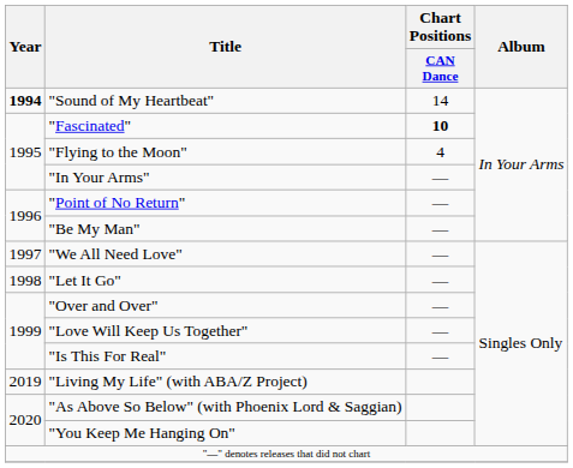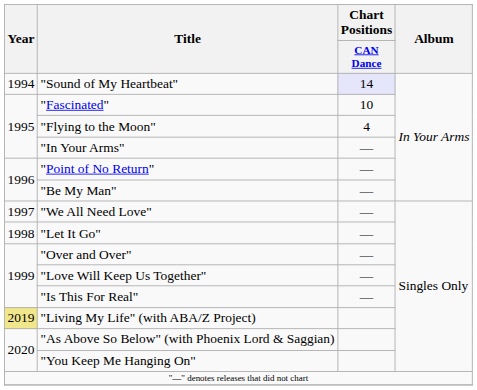 <table class="wikitable">
 <tr>
 <th rowspan=2>Year</th>
 <th rowspan=2>Title</th>
 <th colspan=1>Chart Positions</th>
 <th rowspan="2">Album</th>
 </tr>
 <tr style="font-size:smaller;">
 <th width=40><a href='#'>CAN<br>Dance</a><br></th>
 </tr>
 <tr>
-<td><strong>1994</strong></td>
+<td>1994</td>
 <td>"Sound of My Heartbeat"</td>
-<td align="center">14</td>
+<td align="center" style="background: lavender;">14</td>
 <td align="left" rowspan="6"><em>In Your Arms</em></td>
 </tr>
 <tr>
 <td rowspan=3>1995</td>
 <td>"<a href='#'>Fascinated</a>"</td>
-<td align="center"><strong>10</strong></td>
+<td align="center">10</td>
 </tr>
 <tr>
 <td>"Flying to the Moon"</td>
 <td align="center">4</td>
 </tr>
 <tr>
 <td>"In Your Arms"</td>
 <td align="center">—</td>
 </tr>
 <tr>
 <td rowspan=2>1996</td>
 <td>"<a href='#'>Point of No Return</a>"</td>
 <td align="center">—</td>
 </tr>
 <tr>
 <td>"Be My Man"</td>
 <td align="center">—</td>
 </tr>
 <tr>
 <td>1997</td>
 <td>"We All Need Love"</td>
 <td align="center">—</td>
 <td align="left" rowspan="8">Singles Only</td>
 </tr>
 <tr>
 <td>1998</td>
 <td>"Let It Go"</td>
 <td align="center">—</td>
 </tr>
 <tr>
 <td rowspan=3>1999</td>
 <td>"Over and Over"</td>
 <td align="center">—</td>
 </tr>
 <tr>
 <td>"Love Will Keep Us Together"</td>
 <td align="center">—</td>
 </tr>
 <tr>
 <td>"Is This For Real"</td>
 <td align="center">—</td>
 </tr>
 <tr>
-<td>2019</td>
+<td style="background: khaki;">2019</td>
 <td>"Living My Life" (with ABA/Z Project)</td>
 <td align="center"></td>
 </tr>
 <tr>
 <td rowspan=2>2020</td>
 <td>"As Above So Below" (with Phoenix Lord & Saggian)</td>
 <td align="center"></td>
 </tr>
 <tr>
 <td>"You Keep Me Hanging On"</td>
 <td align="center"></td>
 </tr>
 <tr>
 <td align="center" colspan="15" style="font-size:8pt">"—" denotes releases that did not chart</td>
 </tr>
 <tr>
 </tr>
 </table>
